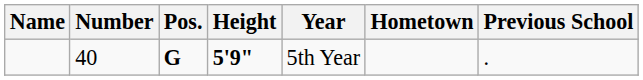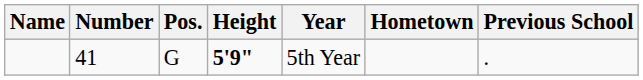 <table class="wikitable sortable">
 <tr>
 <th>Name</th>
 <th>Number</th>
 <th>Pos.</th>
 <th>Height</th>
 <th>Year</th>
 <th>Hometown</th>
 <th class="unsortable">Previous School</th>
 </tr>
 <tr>
 <td></td>
-<td>40</td>
-<td><strong>G</strong></td>
+<td>41</td>
+<td>G</td>
 <td><strong>5'9"</strong></td>
 <td>5th Year</td>
 <td></td>
 <td>.</td>
 </tr>
 </table>
